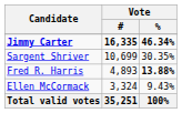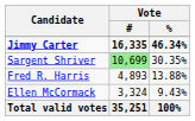 <table class="wikitable sortable plainrowheaders" style="text-align:right;">
 <tr>
 <th rowspan="2">Candidate</th>
 <th colspan="2">Vote</th>
 </tr>
 <tr>
 <th>#</th>
 <th>%</th>
 </tr>
 <tr>
 </tr>
 <tr>
 <td style="text-align:left;"><strong><a href='#'>Jimmy Carter</a></strong></td>
 <td><strong>16,335</strong></td>
 <td><strong>46.34%</strong></td>
 </tr>
 <tr>
 <td style="text-align:left;"><a href='#'>Sargent Shriver</a></td>
-<td>10,699</td>
+<td style="background: lightgreen;">10,699</td>
 <td>30.35%</td>
 </tr>
 <tr>
 <td style="text-align:left;"><a href='#'>Fred R. Harris</a></td>
 <td>4,893</td>
-<td><strong>13.88%</strong></td>
+<td>13.88%</td>
 </tr>
 <tr>
 <td style="text-align:left;"><a href='#'>Ellen McCormack</a></td>
 <td>3,324</td>
 <td>9.43%</td>
 </tr>
 <tr class="sortbottom">
 <th>Total valid votes</th>
 <th>35,251</th>
 <th>100%</th>
 </tr>
 </table>
